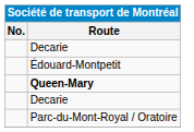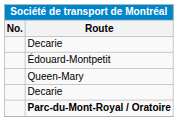 <table align=center class="wikitable">
 <tr>
 <th style="background: #0085CA; font-size:100%; color:#FFFFFF;"colspan="4">Société de transport de Montréal</th>
 </tr>
 <tr>
 <th>No.</th>
 <th>Route</th>
 </tr>
 <tr>
 <td {{Avoid wrap> </td>
 <td>Decarie</td>
 </tr>
 <tr>
 <td {{Avoid wrap> </td>
 <td>Édouard-Montpetit</td>
 </tr>
 <tr>
 <td {{Avoid wrap> </td>
-<td><strong>Queen-Mary</strong></td>
+<td>Queen-Mary</td>
 </tr>
 <tr>
 <td {{Avoid wrap> </td>
 <td>Decarie</td>
 </tr>
 <tr>
 <td {{Avoid wrap> </td>
-<td>Parc-du-Mont-Royal / Oratoire</td>
+<td><strong>Parc-du-Mont-Royal / Oratoire</strong></td>
 </tr>
 <tr>
 </tr>
 </table>
